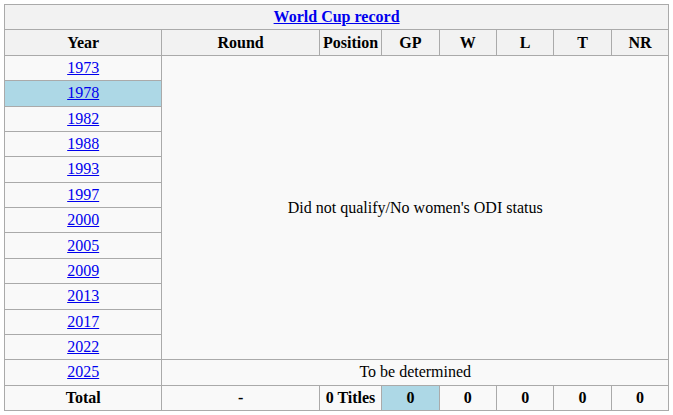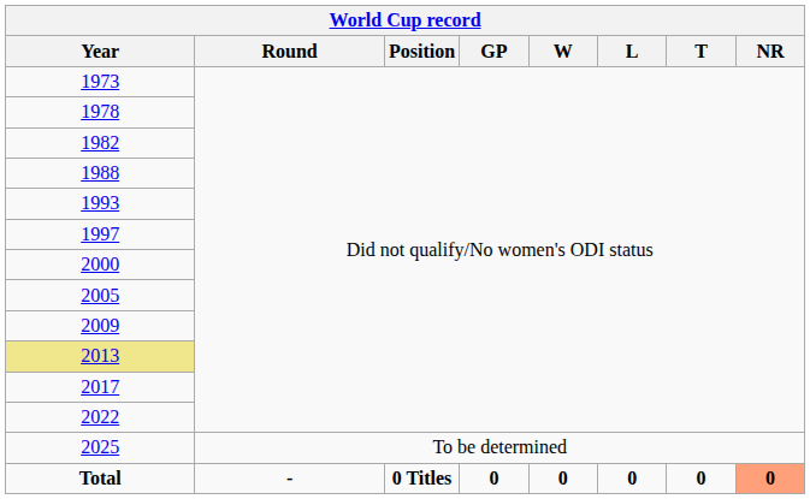 <table class="wikitable" style="text-align: center;">
 <tr>
 <th colspan=8><a href='#'>World Cup record</a></th>
 </tr>
 <tr>
 <th width=150>Year</th>
 <th width=150>Round</th>
 <th width=50>Position</th>
 <th width=50>GP</th>
 <th width=50>W</th>
 <th width=50>L</th>
 <th width=50>T</th>
 <th width=50>NR</th>
 </tr>
 <tr>
 <td> <a href='#'>1973</a></td>
 <td colspan=7  rowspan=12>Did not qualify/No women's ODI status</td>
 </tr>
 <tr>
-<td style="background: lightblue;"> <a href='#'>1978</a></td>
+<td> <a href='#'>1978</a></td>
 </tr>
 <tr>
 <td> <a href='#'>1982</a></td>
 </tr>
 <tr>
 <td> <a href='#'>1988</a></td>
 </tr>
 <tr>
 <td> <a href='#'>1993</a></td>
 </tr>
 <tr>
 <td> <a href='#'>1997</a></td>
 </tr>
 <tr>
 <td> <a href='#'>2000</a></td>
 </tr>
 <tr>
 <td> <a href='#'>2005</a></td>
 </tr>
 <tr>
 <td> <a href='#'>2009</a></td>
 </tr>
 <tr>
-<td> <a href='#'>2013</a></td>
+<td style="background: khaki;"> <a href='#'>2013</a></td>
 </tr>
 <tr>
 <td> <a href='#'>2017</a></td>
 </tr>
 <tr>
 <td> <a href='#'>2022</a></td>
 </tr>
 <tr>
 <td> <a href='#'>2025</a></td>
 <td colspan=8>To be determined</td>
 </tr>
 <tr>
 <td><strong>Total</strong></td>
 <td><strong>-</strong></td>
 <td><strong>0 Titles</strong></td>
-<td style="background: lightblue;"><strong>0</strong></td>
 <td><strong>0</strong></td>
 <td><strong>0</strong></td>
 <td><strong>0</strong></td>
 <td><strong>0</strong></td>
+<td style="background: lightsalmon;"><strong>0</strong></td>
 </tr>
 </table>
